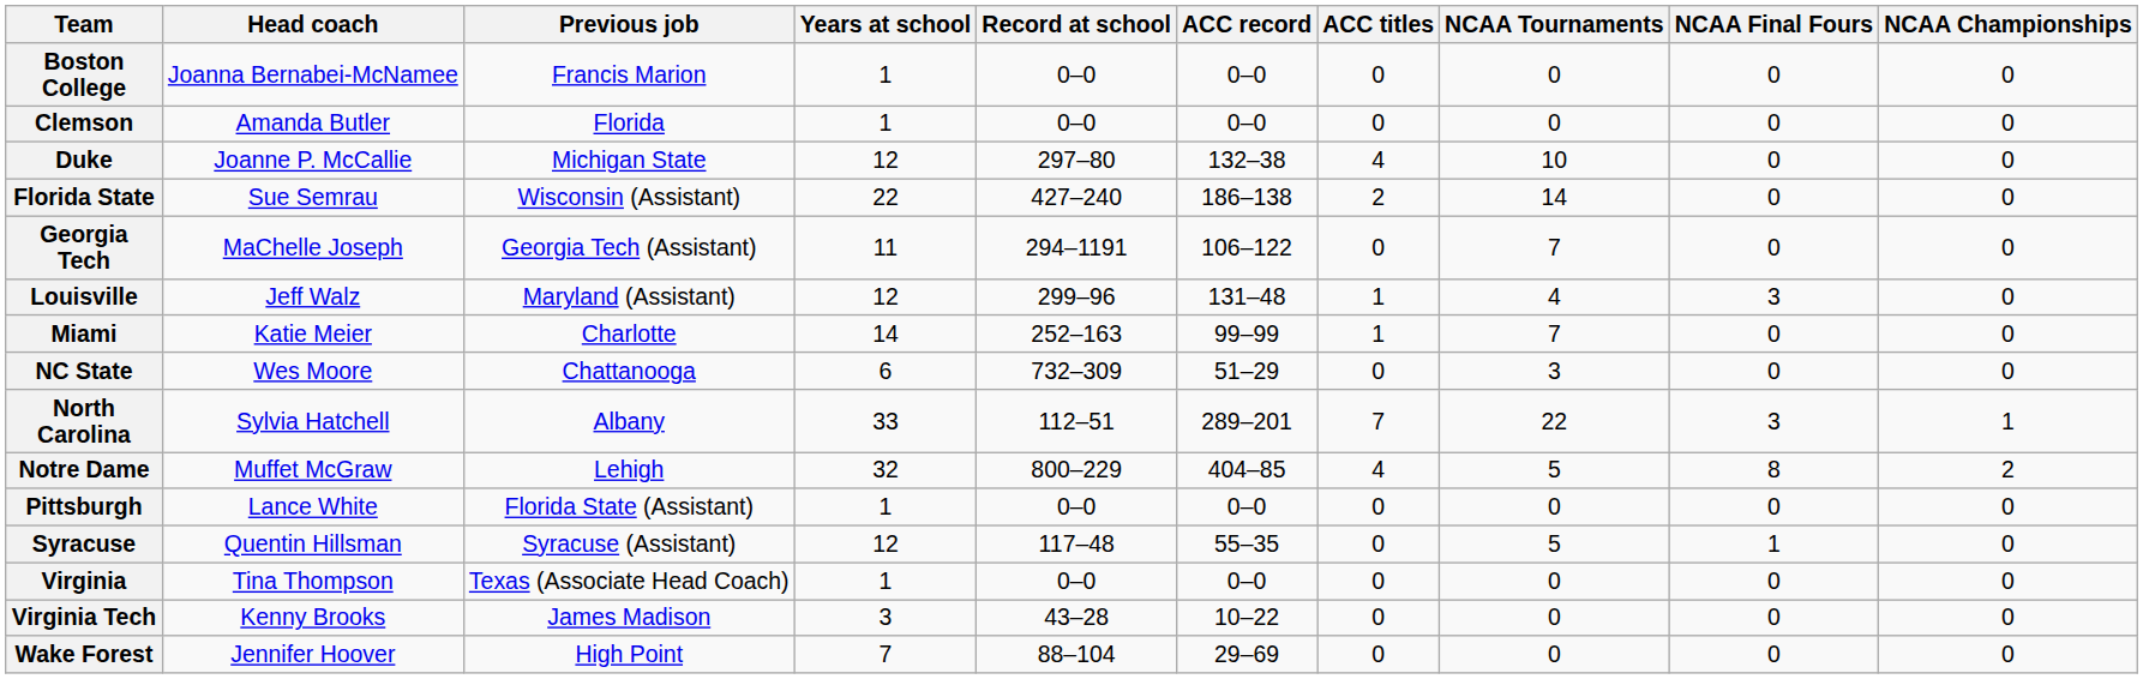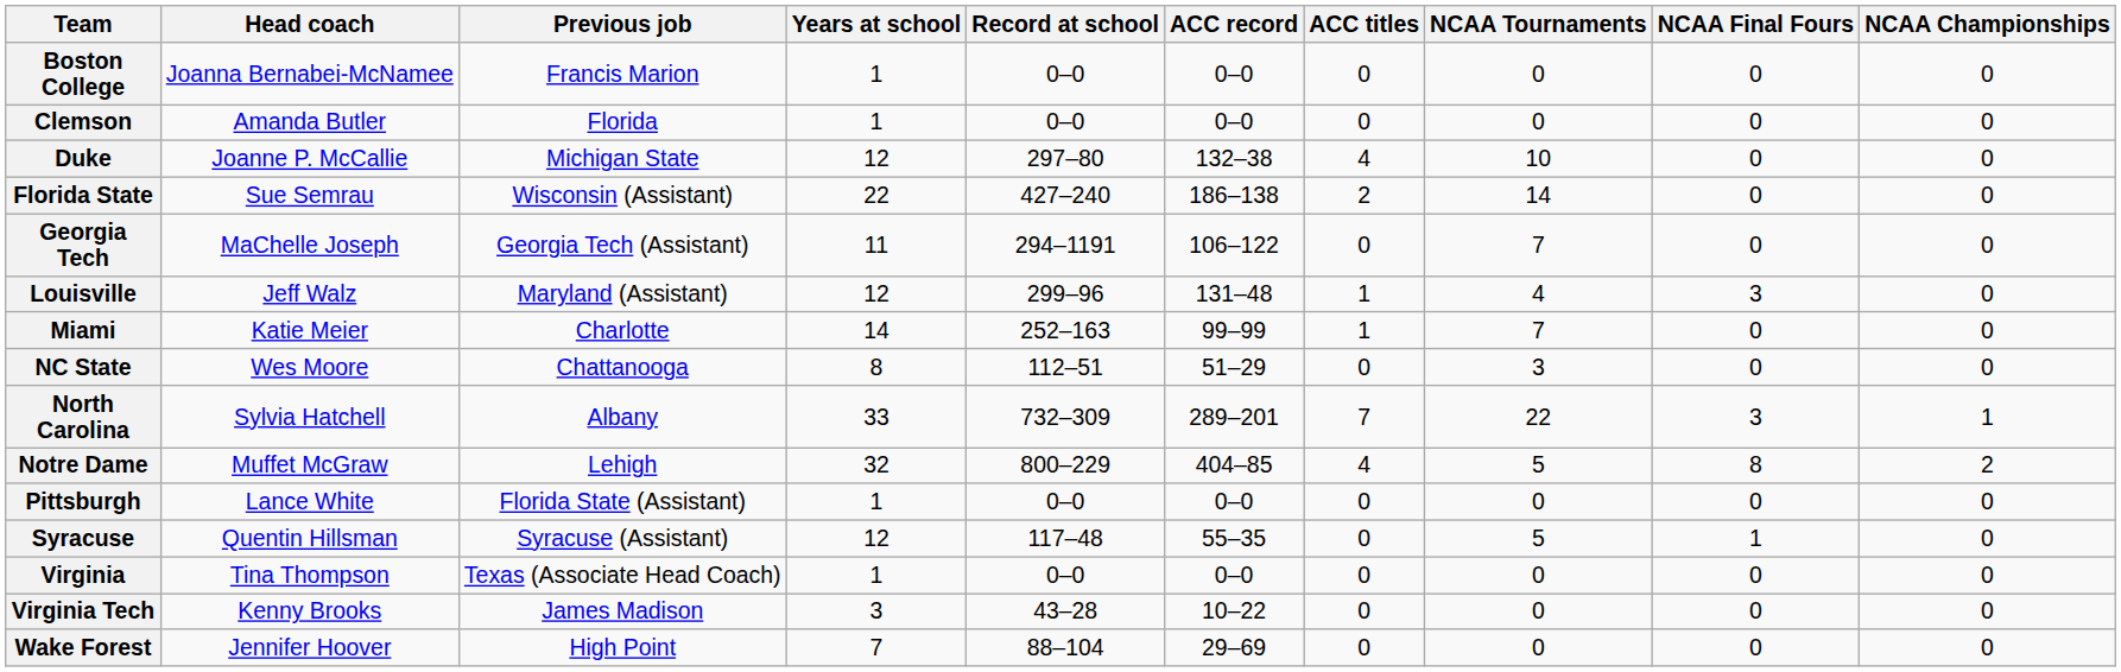 <table class="wikitable sortable" style="text-align: center;font-size:90%;">
 <tr>
 <th width="90">Team</th>
 <th>Head coach</th>
 <th>Previous job</th>
 <th>Years at school</th>
 <th>Record at school</th>
 <th>ACC record</th>
 <th>ACC titles</th>
 <th>NCAA Tournaments</th>
 <th>NCAA Final Fours</th>
 <th>NCAA Championships</th>
 </tr>
 <tr>
 <th style=>Boston College</th>
 <td><a href='#'>Joanna Bernabei-McNamee</a></td>
 <td><a href='#'>Francis Marion</a></td>
 <td>1</td>
 <td>0–0</td>
 <td>0–0</td>
 <td>0</td>
 <td>0</td>
 <td>0</td>
 <td>0</td>
 </tr>
 <tr>
 <th>Clemson</th>
 <td><a href='#'>Amanda Butler</a></td>
 <td><a href='#'>Florida</a></td>
 <td>1</td>
 <td>0–0</td>
 <td>0–0</td>
 <td>0</td>
 <td>0</td>
 <td>0</td>
 <td>0</td>
 </tr>
 <tr>
 <th>Duke</th>
 <td><a href='#'>Joanne P. McCallie</a></td>
 <td><a href='#'>Michigan State</a></td>
 <td>12</td>
 <td>297–80</td>
 <td>132–38</td>
 <td>4</td>
 <td>10</td>
 <td>0</td>
 <td>0</td>
 </tr>
 <tr>
 <th style=>Florida State</th>
 <td><a href='#'>Sue Semrau</a></td>
 <td><a href='#'>Wisconsin</a> (Assistant)</td>
 <td>22</td>
 <td>427–240</td>
 <td>186–138</td>
 <td>2</td>
 <td>14</td>
 <td>0</td>
 <td>0</td>
 </tr>
 <tr>
 <th>Georgia Tech</th>
 <td><a href='#'>MaChelle Joseph</a></td>
 <td><a href='#'>Georgia Tech</a> (Assistant)</td>
 <td>11</td>
 <td>294–1191</td>
 <td>106–122</td>
 <td>0</td>
 <td>7</td>
 <td>0</td>
 <td>0</td>
 </tr>
 <tr>
 <th>Louisville</th>
 <td><a href='#'>Jeff Walz</a></td>
 <td><a href='#'>Maryland</a> (Assistant)</td>
 <td>12</td>
 <td>299–96</td>
 <td>131–48</td>
 <td>1</td>
 <td>4</td>
 <td>3</td>
 <td>0</td>
 </tr>
 <tr>
 <th>Miami</th>
 <td><a href='#'>Katie Meier</a></td>
 <td><a href='#'>Charlotte</a></td>
 <td>14</td>
 <td>252–163</td>
 <td>99–99</td>
 <td>1</td>
 <td>7</td>
 <td>0</td>
 <td>0</td>
 </tr>
 <tr>
 <th>NC State</th>
 <td><a href='#'>Wes Moore</a></td>
 <td><a href='#'>Chattanooga</a></td>
-<td>6</td>
-<td>732–309</td>
+<td>8</td>
+<td>112–51</td>
 <td>51–29</td>
 <td>0</td>
 <td>3</td>
 <td>0</td>
 <td>0</td>
 </tr>
 <tr>
 <th>North Carolina</th>
 <td><a href='#'>Sylvia Hatchell</a></td>
 <td><a href='#'>Albany</a></td>
 <td>33</td>
-<td>112–51</td>
+<td>732–309</td>
 <td>289–201</td>
 <td>7</td>
 <td>22</td>
 <td>3</td>
 <td>1</td>
 </tr>
 <tr>
 <th style=>Notre Dame</th>
 <td><a href='#'>Muffet McGraw</a></td>
 <td><a href='#'>Lehigh</a></td>
 <td>32</td>
 <td>800–229</td>
 <td>404–85</td>
 <td>4</td>
 <td>5</td>
 <td>8</td>
 <td>2</td>
 </tr>
 <tr>
 <th style=>Pittsburgh</th>
 <td><a href='#'>Lance White</a></td>
 <td><a href='#'>Florida State</a> (Assistant)</td>
 <td>1</td>
 <td>0–0</td>
 <td>0–0</td>
 <td>0</td>
 <td>0</td>
 <td>0</td>
 <td>0</td>
 </tr>
 <tr>
 <th style=>Syracuse</th>
 <td><a href='#'>Quentin Hillsman</a></td>
 <td><a href='#'>Syracuse</a> (Assistant)</td>
 <td>12</td>
 <td>117–48</td>
 <td>55–35</td>
 <td>0</td>
 <td>5</td>
 <td>1</td>
 <td>0</td>
 </tr>
 <tr>
 <th>Virginia</th>
 <td><a href='#'>Tina Thompson</a></td>
 <td><a href='#'>Texas</a> (Associate Head Coach)</td>
 <td>1</td>
 <td>0–0</td>
 <td>0–0</td>
 <td>0</td>
 <td>0</td>
 <td>0</td>
 <td>0</td>
 </tr>
 <tr>
 <th>Virginia Tech</th>
 <td><a href='#'>Kenny Brooks</a></td>
 <td><a href='#'>James Madison</a></td>
 <td>3</td>
 <td>43–28</td>
 <td>10–22</td>
 <td>0</td>
 <td>0</td>
 <td>0</td>
 <td>0</td>
 </tr>
 <tr>
 <th style=>Wake Forest</th>
 <td><a href='#'>Jennifer Hoover</a></td>
 <td><a href='#'>High Point</a></td>
 <td>7</td>
 <td>88–104</td>
 <td>29–69</td>
 <td>0</td>
 <td>0</td>
 <td>0</td>
 <td>0</td>
 </tr>
 </table>
